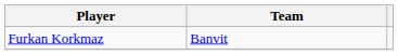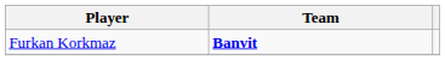 <table class="wikitable" style="text-align: center;">
 <tr>
 <th style="width:200px;">Player</th>
 <th style="width:220px;">Team</th>
 <th></th>
 </tr>
 <tr>
 <td align="left"> <a href='#'>Furkan Korkmaz</a></td>
-<td align="left"> <a href='#'>Banvit</a></td>
+<td align="left"><strong> <a href='#'>Banvit</a></strong></td>
 <td></td>
 </tr>
 <tr>
 </tr>
 </table>
